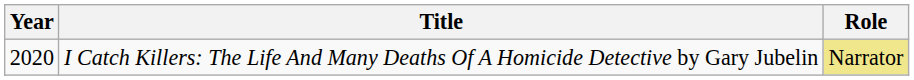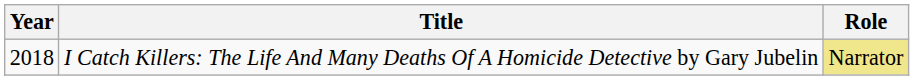 <table class="wikitable sortable">
 <tr>
 <th>Year</th>
 <th>Title</th>
 <th>Role</th>
 </tr>
 <tr>
-<td>2020</td>
+<td>2018</td>
 <td><em>I Catch Killers: The Life And Many Deaths Of A Homicide Detective</em> by Gary Jubelin</td>
 <td style="background: khaki;">Narrator</td>
 </tr>
 </table>
